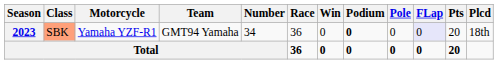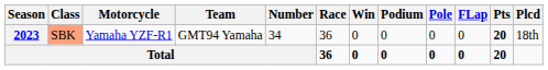 <table class="wikitable">
 <tr>
 <th>Season</th>
 <th>Class</th>
 <th>Motorcycle</th>
 <th>Team</th>
 <th>Number</th>
 <th>Race</th>
 <th>Win</th>
 <th>Podium</th>
 <th><a href='#'>Pole</a></th>
 <th><a href='#'>FLap</a></th>
 <th>Pts</th>
 <th>Plcd</th>
 </tr>
 <tr>
 <th><a href='#'>2023</a></th>
 <td style="background: lightsalmon;">SBK</td>
 <td><a href='#'>Yamaha YZF-R1</a></td>
 <td>GMT94 Yamaha</td>
 <td>34</td>
 <td>36</td>
 <td>0</td>
-<td><strong>0</strong></td>
 <td>0</td>
-<td style="background: lavender;">0</td>
-<td>20</td>
+<td>0</td>
+<td>0</td>
+<td><strong>20</strong></td>
 <td>18th</td>
 </tr>
 <tr>
 <th colspan=5>Total</th>
 <td><strong>36</strong></td>
 <td><strong>0</strong></td>
 <td><strong>0</strong></td>
 <td><strong>0</strong></td>
 <td><strong>0</strong></td>
 <td><strong>20</strong></td>
 <td></td>
 </tr>
 </table>
